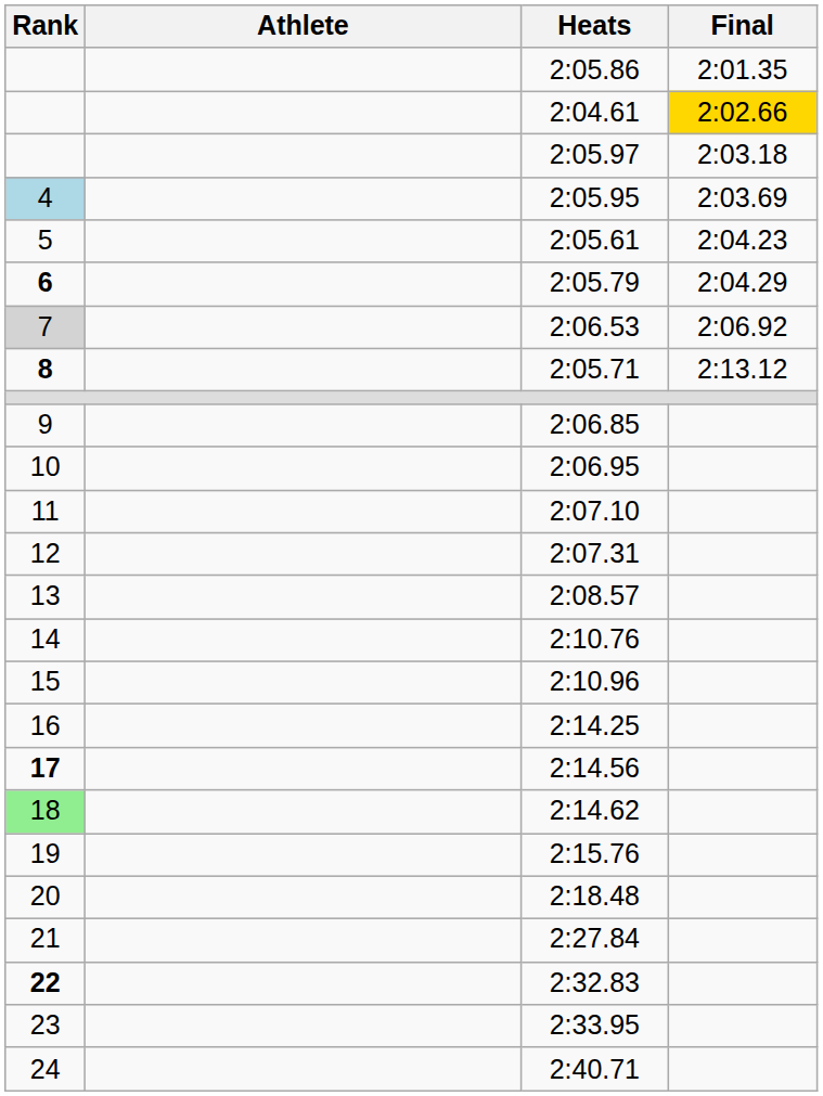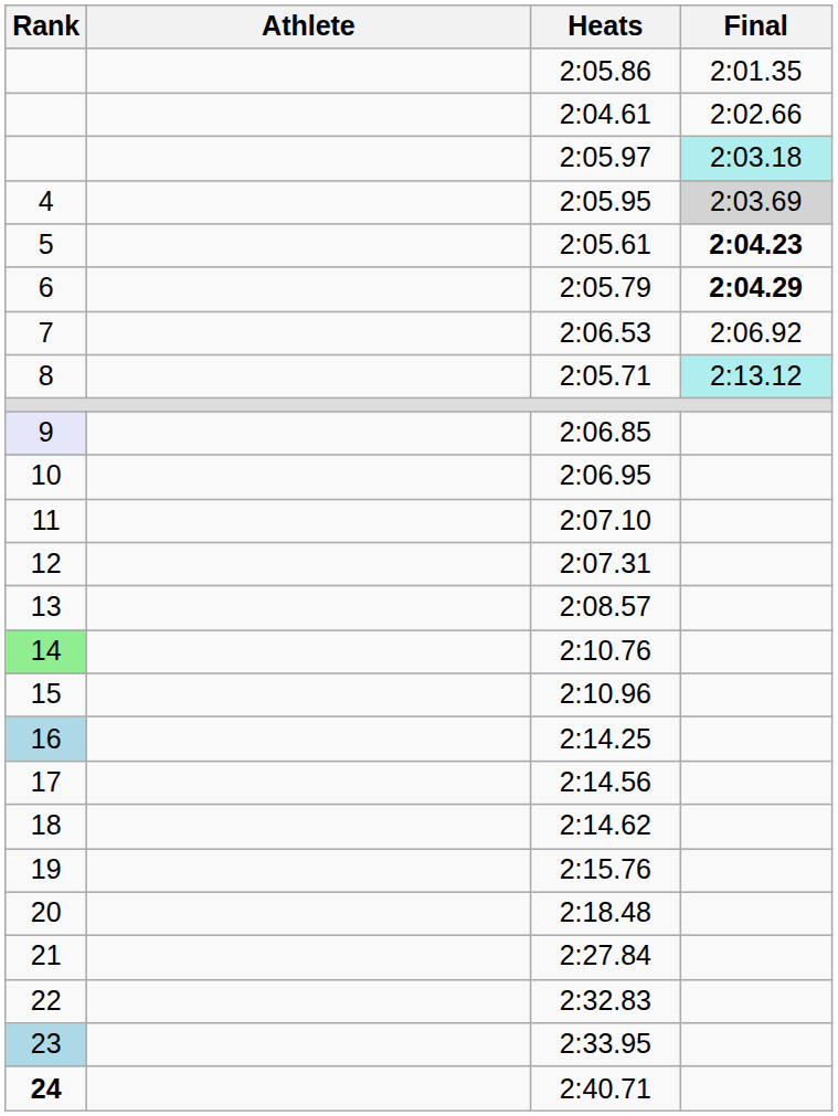 <table class=wikitable style="text-align:center">
 <tr>
 <th width=40>Rank</th>
 <th width=250>Athlete</th>
 <th width=80>Heats</th>
 <th width=80>Final</th>
 </tr>
 <tr>
 <td></td>
 <td align=left></td>
 <td>2:05.86</td>
 <td>2:01.35</td>
 </tr>
 <tr>
 <td></td>
 <td align=left></td>
 <td>2:04.61</td>
-<td style="background: gold;">2:02.66</td>
+<td>2:02.66</td>
 </tr>
 <tr>
 <td></td>
 <td align=left></td>
 <td>2:05.97</td>
-<td>2:03.18</td>
+<td style="background: paleturquoise;">2:03.18</td>
 </tr>
 <tr>
-<td style="background: lightblue;">4</td>
+<td>4</td>
 <td align=left></td>
 <td>2:05.95</td>
-<td>2:03.69</td>
+<td style="background: lightgrey;">2:03.69</td>
 </tr>
 <tr>
 <td>5</td>
 <td align=left></td>
 <td>2:05.61</td>
-<td>2:04.23</td>
+<td><strong>2:04.23</strong></td>
 </tr>
 <tr>
-<td><strong>6</strong></td>
+<td>6</td>
 <td align=left></td>
 <td>2:05.79</td>
-<td>2:04.29</td>
+<td><strong>2:04.29</strong></td>
 </tr>
 <tr>
-<td style="background: lightgrey;">7</td>
+<td>7</td>
 <td align=left></td>
 <td>2:06.53</td>
 <td>2:06.92</td>
 </tr>
 <tr>
-<td><strong>8</strong></td>
+<td>8</td>
 <td align=left></td>
 <td>2:05.71</td>
-<td>2:13.12</td>
+<td style="background: paleturquoise;">2:13.12</td>
 </tr>
 <tr bgcolor=#DDDDDD>
 <td colspan=4></td>
 </tr>
 <tr>
-<td>9</td>
+<td style="background: lavender;">9</td>
 <td align=left></td>
 <td>2:06.85</td>
 <td></td>
 </tr>
 <tr>
 <td>10</td>
 <td align=left></td>
 <td>2:06.95</td>
 <td></td>
 </tr>
 <tr>
 <td>11</td>
 <td align=left></td>
 <td>2:07.10</td>
 <td></td>
 </tr>
 <tr>
 <td>12</td>
 <td align=left></td>
 <td>2:07.31</td>
 <td></td>
 </tr>
 <tr>
 <td>13</td>
 <td align=left></td>
 <td>2:08.57</td>
 <td></td>
 </tr>
 <tr>
-<td>14</td>
+<td style="background: lightgreen;">14</td>
 <td align=left></td>
 <td>2:10.76</td>
 <td></td>
 </tr>
 <tr>
 <td>15</td>
 <td align=left></td>
 <td>2:10.96</td>
 <td></td>
 </tr>
 <tr>
-<td>16</td>
+<td style="background: lightblue;">16</td>
 <td align=left></td>
 <td>2:14.25</td>
 <td></td>
 </tr>
 <tr>
-<td><strong>17</strong></td>
+<td>17</td>
 <td align=left></td>
 <td>2:14.56</td>
 <td></td>
 </tr>
 <tr>
-<td style="background: lightgreen;">18</td>
+<td>18</td>
 <td align=left></td>
 <td>2:14.62</td>
 <td></td>
 </tr>
 <tr>
 <td>19</td>
 <td align=left></td>
 <td>2:15.76</td>
 <td></td>
 </tr>
 <tr>
 <td>20</td>
 <td align=left></td>
 <td>2:18.48</td>
 <td></td>
 </tr>
 <tr>
 <td>21</td>
 <td align=left></td>
 <td>2:27.84</td>
 <td></td>
 </tr>
 <tr>
-<td><strong>22</strong></td>
+<td>22</td>
 <td align=left></td>
 <td>2:32.83</td>
 <td></td>
 </tr>
 <tr>
-<td>23</td>
+<td style="background: lightblue;">23</td>
 <td align=left></td>
 <td>2:33.95</td>
 <td></td>
 </tr>
 <tr>
-<td>24</td>
+<td><strong>24</strong></td>
 <td align=left></td>
 <td>2:40.71</td>
 <td></td>
 </tr>
 </table>
